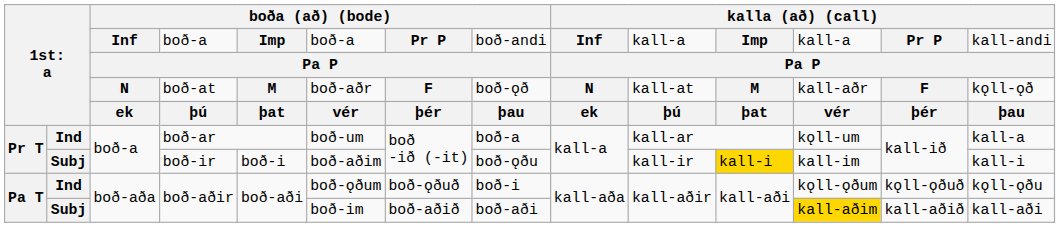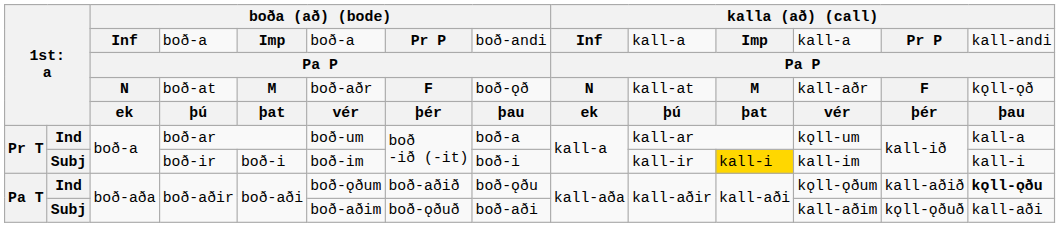 <table class="wikitable" border="1">
 <tr>
 <th rowspan="5" colspan="2">1st: <br> a</th>
 <th colspan="6">boða (að) (bode)</th>
 <th colspan="6">kalla (að) (call)</th>
 </tr>
 <tr>
 <th><abbr>Inf</abbr></th>
 <td>boð⁠-a</td>
 <th><abbr>Imp</abbr></th>
 <td>boð⁠-a</td>
 <th><abbr>Pr P</abbr></th>
 <td>boð⁠-andi</td>
 <th><abbr>Inf</abbr></th>
 <td>kall⁠-a</td>
 <th><abbr>Imp</abbr></th>
 <td>kall⁠-a</td>
 <th><abbr>Pr P</abbr></th>
 <td>kall-andi</td>
 </tr>
 <tr>
 <th colspan="6"><abbr>Pa P</abbr></th>
 <th colspan="6"><abbr>Pa P</abbr></th>
 </tr>
 <tr>
 <th><abbr>N</abbr></th>
 <td>boð⁠-at</td>
 <th><abbr>M</abbr></th>
 <td>boð⁠-aðr</td>
 <th><abbr>F</abbr></th>
 <td>boð⁠-ǫð</td>
 <th><abbr>N</abbr></th>
 <td>kall⁠-at</td>
 <th><abbr>M</abbr></th>
 <td>kall⁠-aðr</td>
 <th><abbr>F</abbr></th>
 <td>kǫll⁠-ǫð</td>
 </tr>
 <tr>
 <th>ek</th>
 <th>þú</th>
 <th>þat</th>
 <th>vér</th>
 <th>þér</th>
 <th>þau</th>
 <th>ek</th>
 <th>þú</th>
 <th>þat</th>
 <th>vér</th>
 <th>þér</th>
 <th>þau</th>
 </tr>
 <tr>
 <th rowspan="2"><abbr>Pr T</abbr></th>
 <th><abbr>Ind</abbr></th>
 <td rowspan="2">boð⁠-a</td>
 <td colspan="2">boð⁠-ar</td>
 <td>boð⁠-um</td>
 <td rowspan="2">boð<br>-ið (-it)</td>
 <td>boð⁠-a</td>
 <td rowspan="2">kall⁠-a</td>
 <td colspan="2">kall⁠-ar</td>
 <td>kǫll⁠-um</td>
 <td rowspan="2">kall-ið</td>
 <td>kall⁠-a</td>
 </tr>
 <tr>
 <th><abbr>Subj</abbr></th>
 <td>boð⁠-ir</td>
 <td>boð⁠-i</td>
-<td>boð-aðim</td>
-<td>boð-ǫðu</td>
+<td>boð⁠-im</td>
+<td>boð⁠-i</td>
 <td>kall⁠-ir</td>
 <td style="background: gold;">kall⁠-i</td>
 <td>kall⁠-im</td>
 <td>kall⁠-i</td>
 </tr>
 <tr>
 <th rowspan="2"><abbr>Pa T</abbr></th>
 <th><abbr>Ind</abbr></th>
 <td rowspan="2">boð-aða</td>
 <td rowspan="2">boð-aðir</td>
 <td rowspan="2">boð-aði</td>
 <td>boð-ǫðum</td>
-<td>boð-ǫðuð</td>
-<td>boð⁠-i</td>
+<td>boð-aðið</td>
+<td>boð-ǫðu</td>
 <td rowspan="2">kall-aða</td>
 <td rowspan="2">kall-aðir</td>
 <td rowspan="2">kall-aði</td>
 <td>kǫll-ǫðum</td>
-<td>kǫll-ǫðuð</td>
-<td>kǫll-ǫðu</td>
+<td>kall-aðið</td>
+<td><strong>kǫll-ǫðu</strong></td>
 </tr>
 <tr>
 <th><abbr>Subj</abbr></th>
-<td>boð⁠-im</td>
-<td>boð-aðið</td>
+<td>boð-aðim</td>
+<td>boð-ǫðuð</td>
 <td>boð-aði</td>
-<td style="background: gold;">kall-aðim</td>
-<td>kall-aðið</td>
+<td>kall-aðim</td>
+<td>kǫll-ǫðuð</td>
 <td>kall-aði</td>
 </tr>
 </table>
